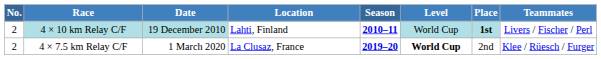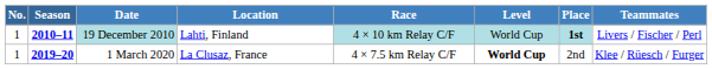 <table class="wikitable sortable" style="font-size:95%; text-align:center; border:grey solid 1px; border-collapse:collapse; background:#ffffff;">
 <tr style="background:#efefef;">
 <th style="background-color:#369; color:white;">No.</th>
-<th style="background-color:#4180be; color:white; width:170px;">Race</th>
+<th style="background-color:#369; color:white;">Season</th>
 <th style="background-color:#4180be; color:white; width:120px;">Date</th>
 <th style="background-color:#4180be; color:white; width:190px;">Location</th>
-<th style="background-color:#369; color:white;">Season</th>
+<th style="background-color:#4180be; color:white; width:170px;">Race</th>
 <th style="background-color:#4180be; color:white; width:100px;">Level</th>
 <th style="background-color:#4180be; color:white;">Place</th>
 <th style="background-color:#4180be; color:white;">Teammates</th>
 </tr>
 <tr>
-<td align=center>2</td>
-<td bgcolor="#BOEOE6">4 × 10 km Relay C/F</td>
+<td align=center>1</td>
+<td rowspan=1 align=center><strong><a href='#'>2010–11</a></strong></td>
 <td bgcolor="#BOEOE6" align=right>19 December 2010</td>
 <td align=left> <a href='#'>Lahti</a>, Finland</td>
-<td rowspan=1 align=center><strong><a href='#'>2010–11</a></strong></td>
+<td bgcolor="#BOEOE6">4 × 10 km Relay C/F</td>
 <td bgcolor="#BOEOE6">World Cup</td>
 <td bgcolor="#BOEOE6"><strong>1st</strong></td>
 <td><a href='#'>Livers</a> / <a href='#'>Fischer</a> / <a href='#'>Perl</a></td>
 </tr>
 <tr>
-<td align=center>2</td>
-<td>4 × 7.5 km Relay C/F</td>
+<td align=center>1</td>
+<td rowspan=1 align=center><strong><a href='#'>2019–20</a></strong></td>
 <td align=right>1 March 2020</td>
 <td align=left> <a href='#'>La Clusaz</a>, France</td>
-<td rowspan=1 align=center><strong><a href='#'>2019–20</a></strong></td>
+<td>4 × 7.5 km Relay C/F</td>
 <td><strong>World Cup</strong></td>
 <td>2nd</td>
 <td><a href='#'>Klee</a> / <a href='#'>Rüesch</a> / <a href='#'>Furger</a></td>
 </tr>
 </table>
